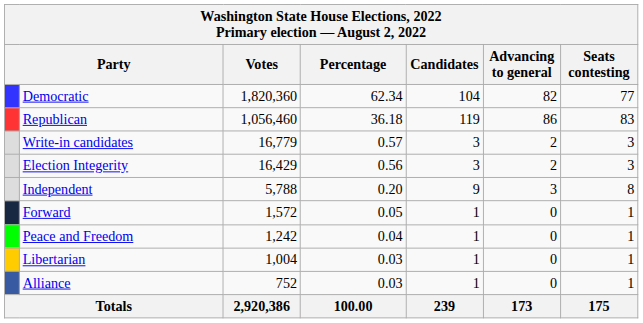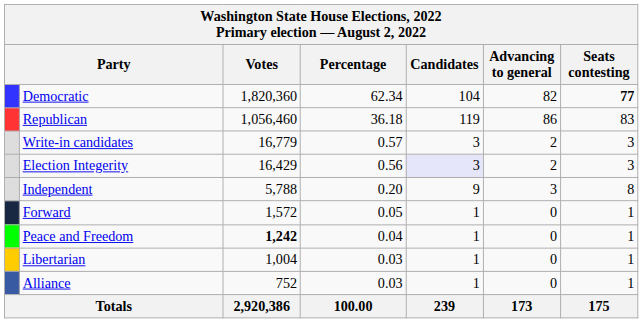 <table class="wikitable" style="font-size: 95%;">
 <tr>
 <th colspan="7">Washington State House Elections, 2022<br>Primary election — August 2, 2022</th>
 </tr>
 <tr>
 <th colspan="2" style="width: 15em">Party</th>
 <th style="width: 5em">Votes</th>
 <th style="width: 7em">Percentage</th>
 <th style="width: 5em">Candidates</th>
 <th style="width: 5em">Advancing to general</th>
 <th style="width: 5em">Seats contesting</th>
 </tr>
 <tr>
 <th style="background-color:#33F; width: 3px"></th>
 <td style="width: 130px"><a href='#'>Democratic</a></td>
 <td align="right">1,820,360</td>
 <td align="right">62.34</td>
 <td align="right">104</td>
 <td align="right">82</td>
-<td align="right">77</td>
+<td align="right"><strong>77</strong></td>
 </tr>
 <tr>
 <th style="background-color:#F33; width: 3px"></th>
 <td style="width: 130px"><a href='#'>Republican</a></td>
 <td align="right">1,056,460</td>
 <td align="right">36.18</td>
 <td align="right">119</td>
 <td align="right">86</td>
 <td align="right">83</td>
 </tr>
 <tr>
 <th style="background-color:#DDDDDD; width 3px"></th>
 <td style="width: 130px"><a href='#'>Write-in candidates</a></td>
 <td align="right">16,779</td>
 <td align="right">0.57</td>
 <td align="right">3</td>
 <td align="right">2</td>
 <td align="right">3</td>
 </tr>
 <tr>
 <th style="background-color:#DDDDDD; width 3px"></th>
 <td style="width: 130px"><a href='#'>Election Integerity</a></td>
 <td align="right">16,429</td>
 <td align="right">0.56</td>
-<td align="right">3</td>
+<td align="right" style="background: lavender;">3</td>
 <td align="right">2</td>
 <td align="right">3</td>
 </tr>
 <tr>
 <th style="background-color:#DDDDDD; width: 3px"></th>
 <td style="width: 130px"><a href='#'>Independent</a></td>
 <td align="right">5,788</td>
 <td align="right">0.20</td>
 <td align="right">9</td>
 <td align="right">3</td>
 <td align="right">8</td>
 </tr>
 <tr>
 <th style="background-color:#182742; width: 3px"></th>
 <td><a href='#'>Forward</a></td>
 <td align="right">1,572</td>
 <td align="right">0.05</td>
 <td align="right">1</td>
 <td align="right">0</td>
 <td align="right">1</td>
 </tr>
 <tr>
 <th style="background-color:#00FF00; width: 3px"></th>
 <td><a href='#'>Peace and Freedom</a></td>
-<td align="right">1,242</td>
+<td align="right"><strong>1,242</strong></td>
 <td align="right">0.04</td>
 <td align="right">1</td>
 <td align="right">0</td>
 <td align="right">1</td>
 </tr>
 <tr>
 <th style="background-color:#FC0; width: 3px"></th>
 <td style="width: 130px"><a href='#'>Libertarian</a></td>
 <td align="right">1,004</td>
 <td align="right">0.03</td>
 <td align="right">1</td>
 <td align="right">0</td>
 <td align="right">1</td>
 </tr>
 <tr>
 <th style="background-color:#385AA3; width: 3px"></th>
 <td><a href='#'>Alliance</a></td>
 <td align="right">752</td>
 <td align="right">0.03</td>
 <td align="right">1</td>
 <td align="right">0</td>
 <td align="right">1</td>
 </tr>
 <tr>
 <th colspan="2" align="right">Totals</th>
 <th align="right">2,920,386</th>
 <th align="right">100.00</th>
 <th align="right">239</th>
 <th align="right">173</th>
 <th align="right">175</th>
 </tr>
 </table>
